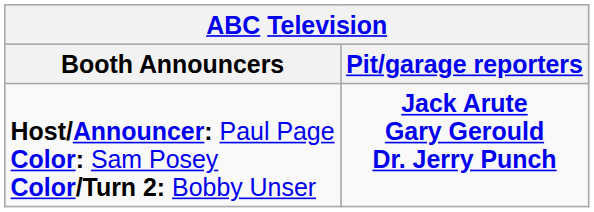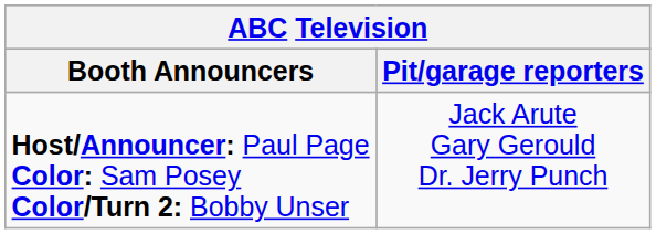 <table class="wikitable" style="font-size: 95%;">
 <tr>
 <th colspan=2><a href='#'>ABC</a> <a href='#'>Television</a></th>
 </tr>
 <tr>
 <th>Booth Announcers</th>
 <th><a href='#'>Pit/garage reporters</a></th>
 </tr>
 <tr>
 <td valign="top"><br><strong>Host/<a href='#'>Announcer</a>:</strong> <a href='#'>Paul Page</a><br> <strong><a href='#'>Color</a>:</strong> <a href='#'>Sam Posey</a><br> <strong><a href='#'>Color</a>/Turn 2:</strong> <a href='#'>Bobby Unser</a></td>
-<td align="center" valign="top"><strong><a href='#'>Jack Arute</a><br><a href='#'>Gary Gerould</a><br><a href='#'>Dr. Jerry Punch</a></strong></td>
+<td align="center" valign="top"><a href='#'>Jack Arute</a><br><a href='#'>Gary Gerould</a><br><a href='#'>Dr. Jerry Punch</a></td>
 </tr>
 </table>
